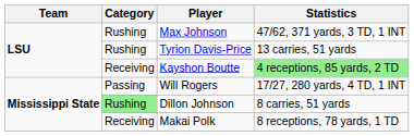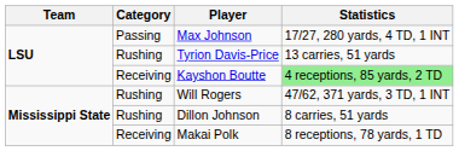 <table class="wikitable" style="float: right;">
 <tr>
 <th>Team</th>
 <th>Category</th>
 <th>Player</th>
 <th>Statistics</th>
 </tr>
 <tr>
 <td rowspan=3><strong>LSU</strong></td>
-<td>Rushing</td>
+<td>Passing</td>
 <td><a href='#'>Max Johnson</a></td>
-<td>47/62, 371 yards, 3 TD, 1 INT</td>
+<td>17/27, 280 yards, 4 TD, 1 INT</td>
 </tr>
 <tr>
 <td>Rushing</td>
 <td><a href='#'>Tyrion Davis-Price</a></td>
 <td>13 carries, 51 yards</td>
 </tr>
 <tr>
 <td>Receiving</td>
 <td><a href='#'>Kayshon Boutte</a></td>
 <td style="background: lightgreen;">4 receptions, 85 yards, 2 TD</td>
 </tr>
 <tr>
 <td rowspan=3><strong>Mississippi State</strong></td>
-<td>Passing</td>
+<td>Rushing</td>
 <td>Will Rogers</td>
-<td>17/27, 280 yards, 4 TD, 1 INT</td>
+<td>47/62, 371 yards, 3 TD, 1 INT</td>
 </tr>
 <tr>
-<td style="background: lightgreen;">Rushing</td>
+<td>Rushing</td>
 <td>Dillon Johnson</td>
 <td>8 carries, 51 yards</td>
 </tr>
 <tr>
 <td>Receiving</td>
 <td>Makai Polk</td>
 <td>8 receptions, 78 yards, 1 TD</td>
 </tr>
 </table>
